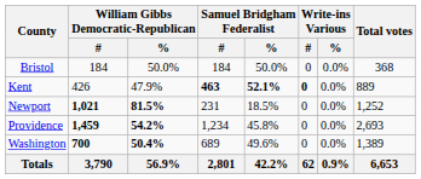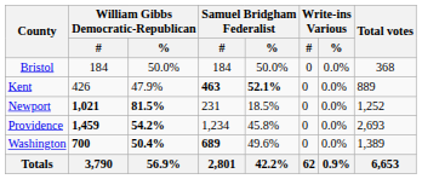 <table class="wikitable sortable">
 <tr>
 <th rowspan="2" scope="col">County</th>
 <th colspan="2" scope="col">William Gibbs<br>Democratic-Republican</th>
 <th colspan="2" scope="col">Samuel Bridgham<br>Federalist</th>
 <th colspan="2" scope="col">Write-ins<br>Various</th>
 <th rowspan="2" scope="col">Total votes</th>
 </tr>
 <tr>
 <th>#</th>
 <th>%</th>
 <th>#</th>
 <th>%</th>
 <th>#</th>
 <th>%</th>
 </tr>
 <tr>
 <td align="center"><a href='#'>Bristol</a></td>
 <td align="center">184</td>
 <td align="center">50.0%</td>
 <td align="center">184</td>
 <td align="center">50.0%</td>
 <td align="center">0</td>
 <td align="center">0.0%</td>
 <td align="center">368</td>
 </tr>
 <tr>
 <td><a href='#'>Kent</a></td>
 <td>426</td>
 <td>47.9%</td>
 <td><strong>463</strong></td>
 <td><strong>52.1%</strong></td>
-<td><strong>0</strong></td>
+<td>0</td>
 <td>0.0%</td>
 <td>889</td>
 </tr>
 <tr>
 <td><a href='#'>Newport</a></td>
 <td><strong>1,021</strong></td>
 <td><strong>81.5%</strong></td>
 <td>231</td>
 <td>18.5%</td>
 <td>0</td>
 <td>0.0%</td>
 <td>1,252</td>
 </tr>
 <tr>
 <td><a href='#'>Providence</a></td>
 <td><strong>1,459</strong></td>
 <td><strong>54.2%</strong></td>
 <td>1,234</td>
 <td>45.8%</td>
 <td>0</td>
 <td>0.0%</td>
 <td>2,693</td>
 </tr>
 <tr>
 <td><a href='#'>Washington</a></td>
 <td><strong>700</strong></td>
 <td><strong>50.4%</strong></td>
-<td>689</td>
+<td><strong>689</strong></td>
 <td>49.6%</td>
 <td>0</td>
 <td>0.0%</td>
 <td>1,389</td>
 </tr>
 <tr>
 <th>Totals</th>
 <th>3,790</th>
 <th>56.9%</th>
 <th>2,801</th>
 <th>42.2%</th>
 <th>62</th>
 <th>0.9%</th>
 <th>6,653</th>
 </tr>
 </table>
